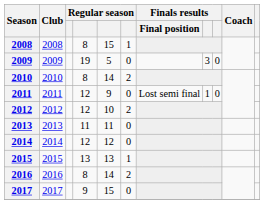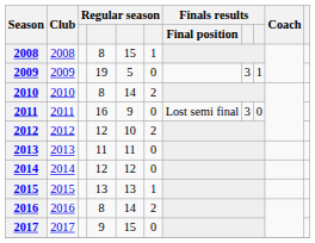 <table class="wikitable sortable plainrowheaders" style="text-align:center;">
 <tr>
 <th scope="col" rowspan=2>Season</th>
 <th scope="col" class="unsortable" rowspan=2>Club</th>
 <th scope="col" colspan="4">Regular season</th>
 <th scope="col" colspan="3">Finals results</th>
 <th scope="col" rowspan=2>Coach</th>
 <th scope="col" class="unsortable" rowspan=2></th>
 </tr>
 <tr>
 <th scope="col"></th>
 <th scope="col"></th>
 <th scope="col"></th>
 <th scope="col"></th>
 <th scope="col">Final position</th>
 <th scope="col"></th>
 <th scope="col"></th>
 </tr>
 <tr>
 <th scope="row" style="text-align:center;"><a href='#'>2008</a></th>
 <td><a href='#'>2008</a></td>
 <td></td>
 <td>8</td>
 <td>15</td>
 <td>1</td>
 <td colspan=3 style="background:#efefef;"></td>
 <td rowspan=2></td>
 <td></td>
 </tr>
 <tr>
 <th scope="row" style="text-align:center;"><a href='#'>2009</a></th>
 <td><a href='#'>2009</a></td>
 <td></td>
 <td>19</td>
 <td>5</td>
 <td>0</td>
 <td></td>
 <td>3</td>
-<td>0</td>
+<td>1</td>
 <td></td>
 </tr>
 <tr>
 <th scope="row" style="text-align:center;"><a href='#'>2010</a></th>
 <td><a href='#'>2010</a></td>
 <td></td>
 <td>8</td>
 <td>14</td>
 <td>2</td>
 <td colspan=3 style="background:#efefef;"></td>
 <td rowspan=3></td>
 <td></td>
 </tr>
 <tr>
 <th scope="row" style="text-align:center;"><a href='#'>2011</a></th>
 <td><a href='#'>2011</a></td>
 <td></td>
-<td>12</td>
+<td>16</td>
 <td>9</td>
 <td>0</td>
 <td>Lost semi final</td>
-<td>1</td>
+<td>3</td>
 <td>0</td>
 <td></td>
 </tr>
 <tr>
 <th scope="row" style="text-align:center;"><a href='#'>2012</a></th>
 <td><a href='#'>2012</a></td>
 <td></td>
 <td>12</td>
 <td>10</td>
 <td>2</td>
 <td colspan=3 style="background:#efefef;"></td>
 <td></td>
 </tr>
 <tr>
 <th scope="row" style="text-align:center;"><a href='#'>2013</a></th>
 <td><a href='#'>2013</a></td>
 <td></td>
 <td>11</td>
 <td>11</td>
 <td>0</td>
 <td colspan=3 style="background:#efefef;"></td>
 <td></td>
 <td></td>
 </tr>
 <tr>
 <th scope="row" style="text-align:center;"><a href='#'>2014</a></th>
 <td><a href='#'>2014</a></td>
 <td></td>
 <td>12</td>
 <td>12</td>
 <td>0</td>
 <td colspan=3 style="background:#efefef;"></td>
 <td></td>
 <td></td>
 </tr>
 <tr>
 <th scope="row" style="text-align:center;"><a href='#'>2015</a></th>
 <td><a href='#'>2015</a></td>
 <td></td>
 <td>13</td>
 <td>13</td>
 <td>1</td>
 <td colspan=3 style="background:#efefef;"></td>
 <td></td>
 <td></td>
 </tr>
 <tr>
 <th scope="row" style="text-align:center;"><a href='#'>2016</a></th>
 <td><a href='#'>2016</a></td>
 <td></td>
 <td>8</td>
 <td>14</td>
 <td>2</td>
 <td colspan=3 style="background:#efefef;"></td>
 <td rowspan=2></td>
 <td></td>
 </tr>
 <tr>
 <th scope="row" style="text-align:center;"><a href='#'>2017</a></th>
 <td><a href='#'>2017</a></td>
 <td></td>
 <td>9</td>
 <td>15</td>
 <td>0</td>
 <td colspan=3 style="background:#efefef;"></td>
 <td></td>
 </tr>
 <tr>
 </tr>
 </table>
